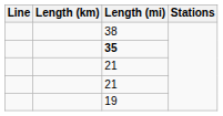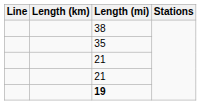 <table class="wikitable">
 <tr>
 <th>Line</th>
 <th>Length (km)</th>
 <th>Length (mi)</th>
 <th>Stations</th>
 </tr>
 <tr>
 <td></td>
 <td></td>
 <td>38</td>
 </tr>
 <tr>
 <td></td>
 <td></td>
-<td><strong>35</strong></td>
+<td>35</td>
 </tr>
 <tr>
 <td></td>
 <td></td>
 <td>21</td>
 </tr>
 <tr>
 <td></td>
 <td></td>
 <td>21</td>
 </tr>
 <tr>
 <td></td>
 <td></td>
-<td>19</td>
+<td><strong>19</strong></td>
 </tr>
 </table>
